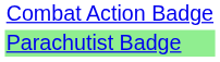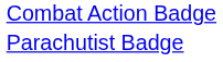 <table>
 <tr>
 <td> <a href='#'>Combat Action Badge</a></td>
 </tr>
 <tr>
-<td style="background: lightgreen;"> <a href='#'>Parachutist Badge</a></td>
+<td> <a href='#'>Parachutist Badge</a></td>
 </tr>
 </table>
